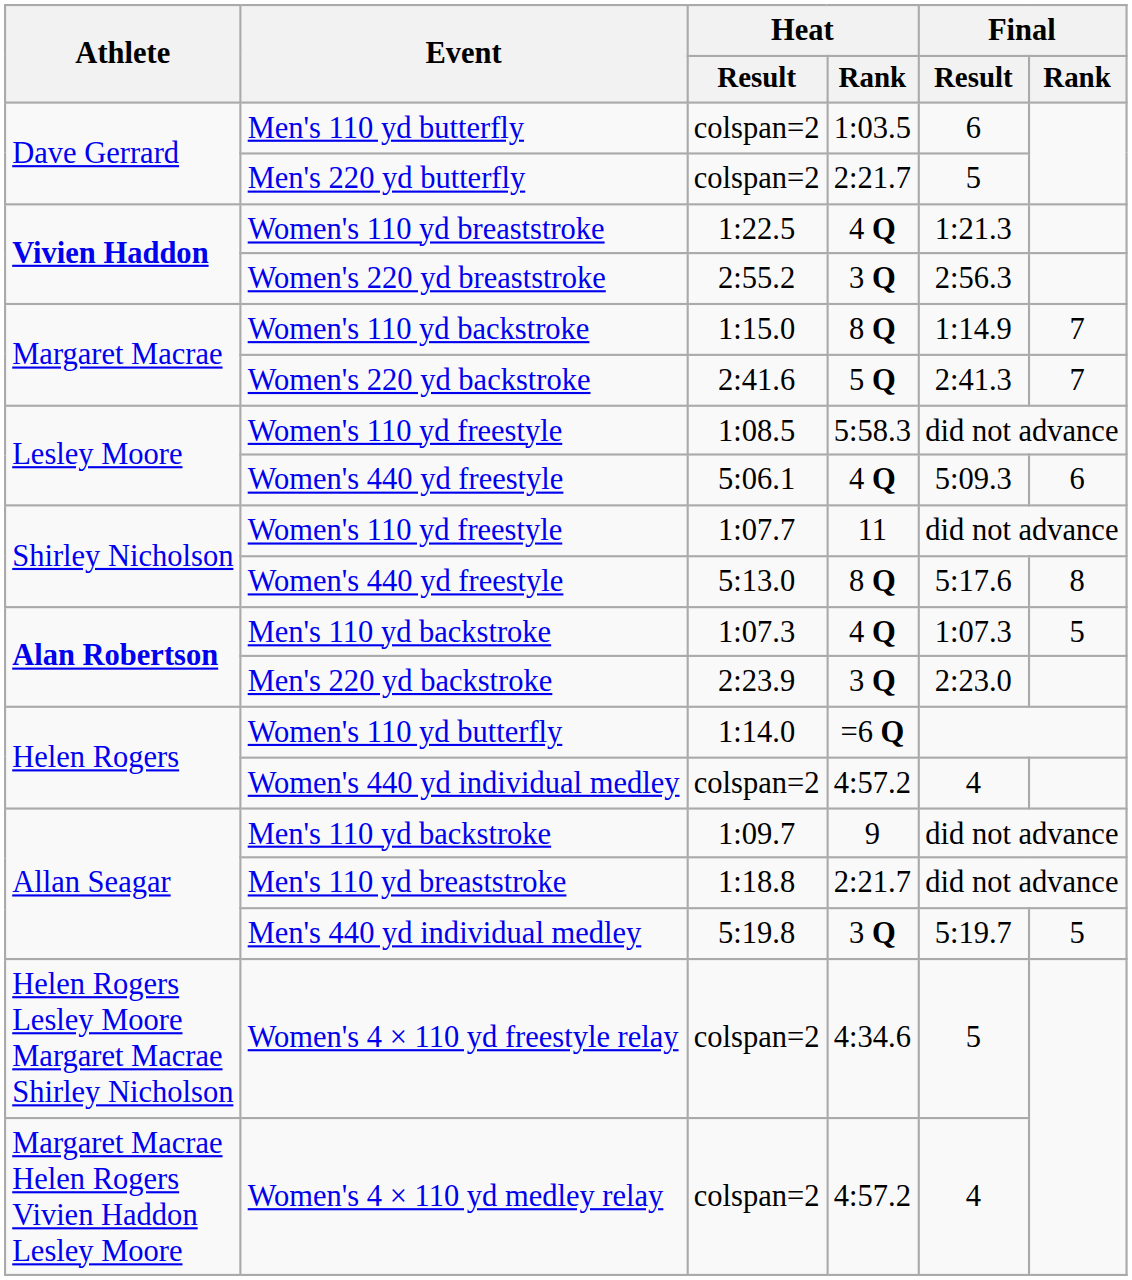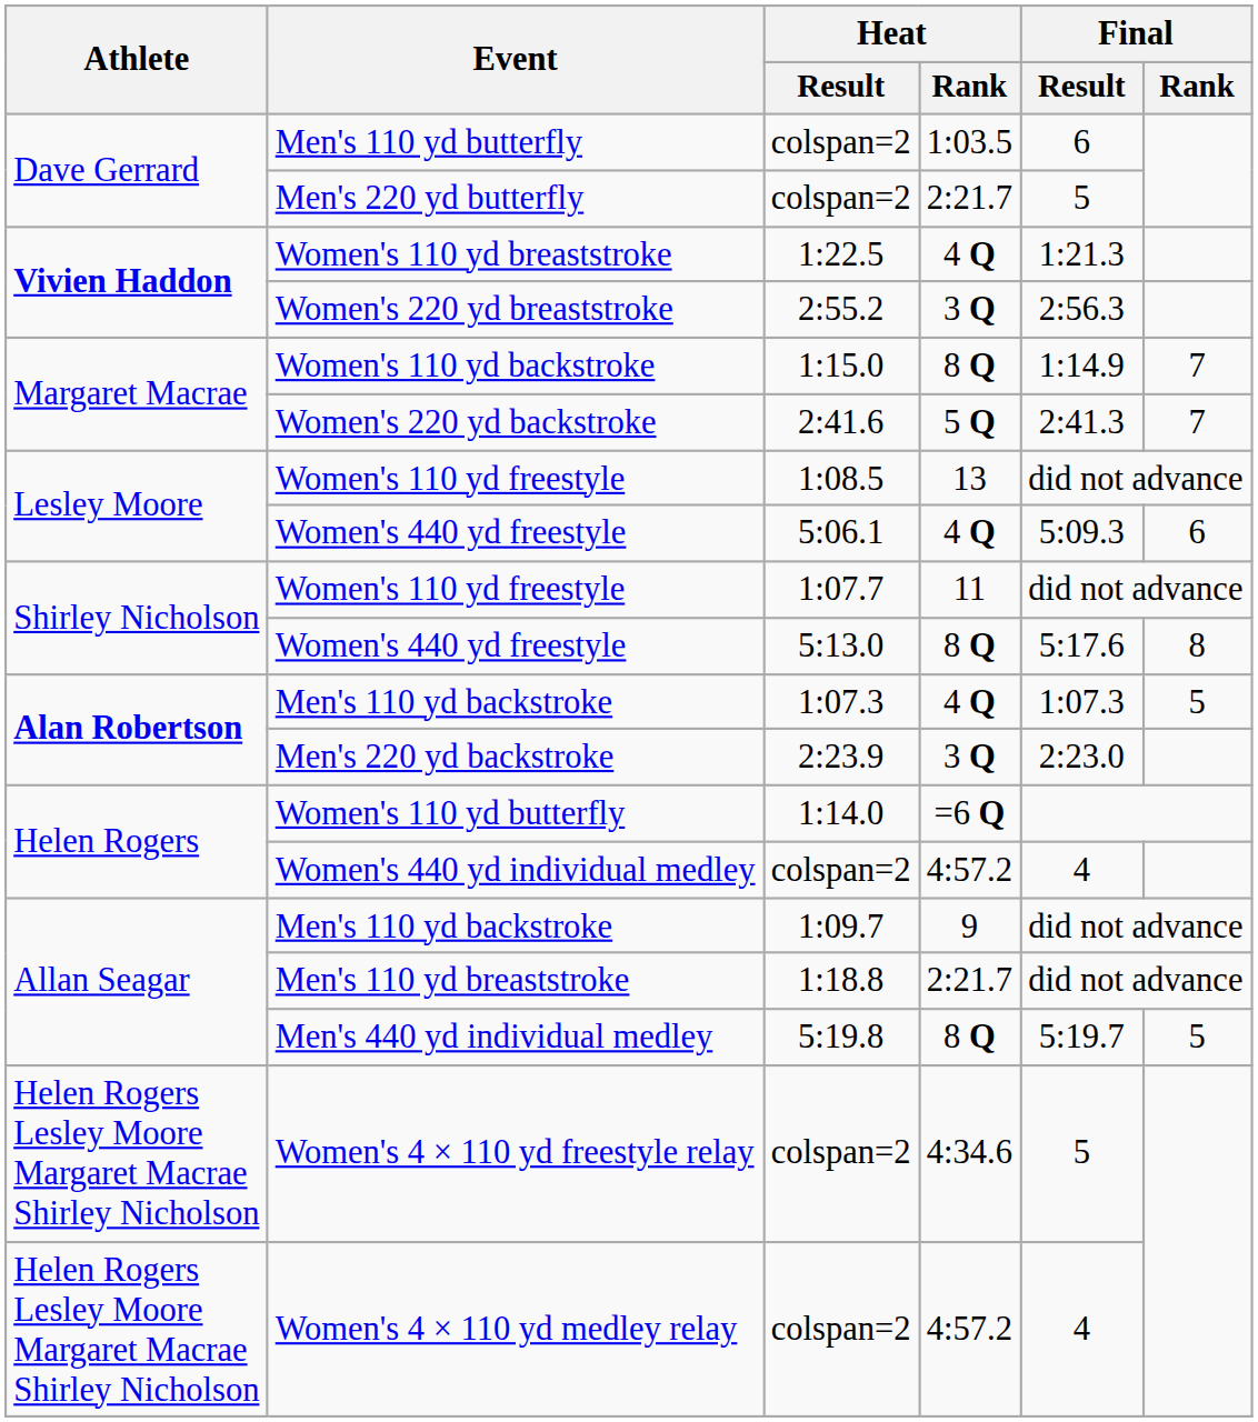 <table class=wikitable style=font-size:90%>
 <tr>
 <th rowspan=2>Athlete</th>
 <th rowspan=2>Event</th>
 <th colspan=2>Heat</th>
 <th colspan=2>Final</th>
 </tr>
 <tr style=font-size:95%>
 <th>Result</th>
 <th>Rank</th>
 <th>Result</th>
 <th>Rank</th>
 </tr>
 <tr align=center>
 <td align=left rowspan=2><a href='#'>Dave Gerrard</a></td>
 <td align=left><a href='#'>Men's 110 yd butterfly</a></td>
 <td>colspan=2 </td>
 <td>1:03.5</td>
 <td>6</td>
 </tr>
 <tr align=center>
 <td align=left><a href='#'>Men's 220 yd butterfly</a></td>
 <td>colspan=2 </td>
 <td>2:21.7</td>
 <td>5</td>
 </tr>
 <tr align=center>
 <td align=left rowspan=2><strong><a href='#'>Vivien Haddon</a></strong></td>
 <td align=left><a href='#'>Women's 110 yd breaststroke</a></td>
 <td>1:22.5</td>
 <td>4 <strong>Q</strong></td>
 <td>1:21.3</td>
 <td></td>
 </tr>
 <tr align=center>
 <td align=left><a href='#'>Women's 220 yd breaststroke</a></td>
 <td>2:55.2</td>
 <td>3 <strong>Q</strong></td>
 <td>2:56.3</td>
 <td></td>
 </tr>
 <tr align=center>
 <td align=left rowspan=2><a href='#'>Margaret Macrae</a></td>
 <td align=left><a href='#'>Women's 110 yd backstroke</a></td>
 <td>1:15.0</td>
 <td>8 <strong>Q</strong></td>
 <td>1:14.9</td>
 <td>7</td>
 </tr>
 <tr align=center>
 <td align=left><a href='#'>Women's 220 yd backstroke</a></td>
 <td>2:41.6</td>
 <td>5 <strong>Q</strong></td>
 <td>2:41.3</td>
 <td>7</td>
 </tr>
 <tr align=center>
 <td align=left rowspan=2><a href='#'>Lesley Moore</a></td>
 <td align=left><a href='#'>Women's 110 yd freestyle</a></td>
 <td>1:08.5</td>
-<td>5:58.3</td>
+<td>13</td>
 <td colspan=2>did not advance</td>
 </tr>
 <tr align=center>
 <td align=left><a href='#'>Women's 440 yd freestyle</a></td>
 <td>5:06.1</td>
 <td>4 <strong>Q</strong></td>
 <td>5:09.3</td>
 <td>6</td>
 </tr>
 <tr align=center>
 <td align=left rowspan=2><a href='#'>Shirley Nicholson</a></td>
 <td align=left><a href='#'>Women's 110 yd freestyle</a></td>
 <td>1:07.7</td>
 <td>11</td>
 <td colspan=2>did not advance</td>
 </tr>
 <tr align=center>
 <td align=left><a href='#'>Women's 440 yd freestyle</a></td>
 <td>5:13.0</td>
 <td>8 <strong>Q</strong></td>
 <td>5:17.6</td>
 <td>8</td>
 </tr>
 <tr align=center>
 <td align=left rowspan=2><strong><a href='#'>Alan Robertson</a></strong></td>
 <td align=left><a href='#'>Men's 110 yd backstroke</a></td>
 <td>1:07.3</td>
 <td>4 <strong>Q</strong></td>
 <td>1:07.3</td>
 <td>5</td>
 </tr>
 <tr align=center>
 <td align=left><a href='#'>Men's 220 yd backstroke</a></td>
 <td>2:23.9</td>
 <td>3 <strong>Q</strong></td>
 <td>2:23.0</td>
 <td></td>
 </tr>
 <tr align=center>
 <td align=left rowspan=2><a href='#'>Helen Rogers</a></td>
 <td align=left><a href='#'>Women's 110 yd butterfly</a></td>
 <td>1:14.0</td>
 <td>=6 <strong>Q</strong></td>
 <td colspan=2></td>
 </tr>
 <tr align=center>
 <td align=left><a href='#'>Women's 440 yd individual medley</a></td>
 <td>colspan=2 </td>
 <td>4:57.2</td>
 <td>4</td>
 </tr>
 <tr align=center>
 <td align=left rowspan=3><a href='#'>Allan Seagar</a></td>
 <td align=left><a href='#'>Men's 110 yd backstroke</a></td>
 <td>1:09.7</td>
 <td>9</td>
 <td colspan=2>did not advance</td>
 </tr>
 <tr align=center>
 <td align=left><a href='#'>Men's 110 yd breaststroke</a></td>
 <td>1:18.8</td>
 <td>2:21.7</td>
 <td colspan=2>did not advance</td>
 </tr>
 <tr align=center>
 <td align=left><a href='#'>Men's 440 yd individual medley</a></td>
 <td>5:19.8</td>
-<td>3 <strong>Q</strong></td>
+<td>8 <strong>Q</strong></td>
 <td>5:19.7</td>
 <td>5</td>
 </tr>
 <tr align=center>
 <td align=left><a href='#'>Helen Rogers</a><br><a href='#'>Lesley Moore</a><br><a href='#'>Margaret Macrae</a><br><a href='#'>Shirley Nicholson</a></td>
 <td align=left><a href='#'>Women's 4 × 110 yd freestyle relay</a></td>
 <td>colspan=2 </td>
 <td>4:34.6</td>
 <td>5</td>
 </tr>
 <tr align=center>
-<td align=left><a href='#'>Margaret Macrae</a><br><a href='#'>Helen Rogers</a><br><a href='#'>Vivien Haddon</a><br><a href='#'>Lesley Moore</a></td>
+<td align=left><a href='#'>Helen Rogers</a><br><a href='#'>Lesley Moore</a><br><a href='#'>Margaret Macrae</a><br><a href='#'>Shirley Nicholson</a></td>
 <td align=left><a href='#'>Women's 4 × 110 yd medley relay</a></td>
 <td>colspan=2 </td>
 <td>4:57.2</td>
 <td>4</td>
 </tr>
 </table>
